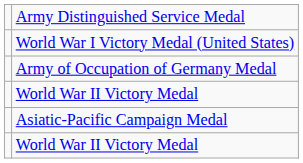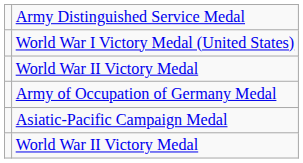 <table class="wikitable ">
 <tr>
 <td></td>
 <td><a href='#'>Army Distinguished Service Medal</a></td>
 </tr>
 <tr>
 <td></td>
 <td><a href='#'>World War I Victory Medal (United States)</a></td>
 </tr>
 <tr>
 <td></td>
-<td><a href='#'>Army of Occupation of Germany Medal</a></td>
+<td><a href='#'>World War II Victory Medal</a></td>
 </tr>
 <tr>
 <td></td>
-<td><a href='#'>World War II Victory Medal</a></td>
+<td><a href='#'>Army of Occupation of Germany Medal</a></td>
 </tr>
 <tr>
 <td></td>
 <td><a href='#'>Asiatic-Pacific Campaign Medal</a></td>
 </tr>
 <tr>
 <td></td>
 <td><a href='#'>World War II Victory Medal</a></td>
 </tr>
 </table>
